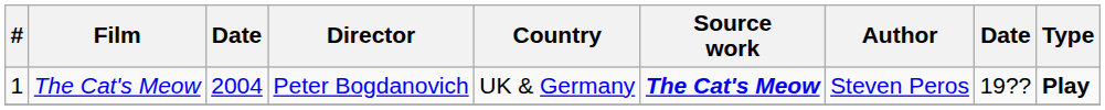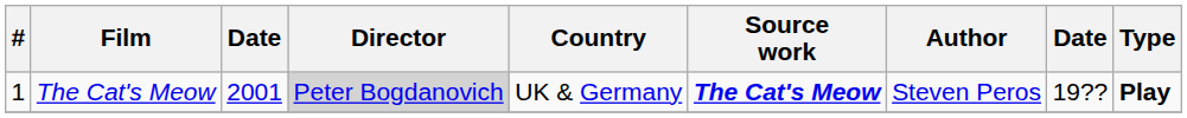 <table class="wikitable">
 <tr>
 <th>#</th>
 <th>Film</th>
 <th>Date</th>
 <th>Director</th>
 <th>Country</th>
 <th>Source<br>work</th>
 <th>Author</th>
 <th>Date</th>
 <th>Type</th>
 </tr>
 <tr>
 <td>1</td>
 <td><em><a href='#'>The Cat's Meow</a></em></td>
-<td><a href='#'>2004</a></td>
-<td><a href='#'>Peter Bogdanovich</a></td>
+<td><a href='#'>2001</a></td>
+<td style="background: lightgrey;"><a href='#'>Peter Bogdanovich</a></td>
 <td>UK & <a href='#'>Germany</a></td>
 <td><strong><em><a href='#'>The Cat's Meow</a></em></strong></td>
 <td><a href='#'>Steven Peros</a></td>
 <td>19??</td>
 <td><strong>Play</strong></td>
 </tr>
 <tr>
 </tr>
 </table>
